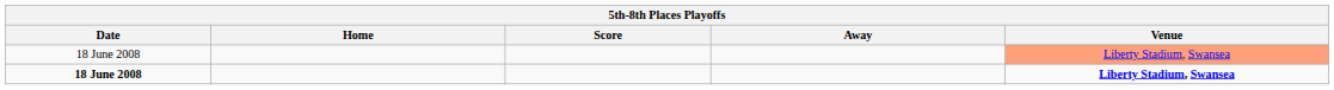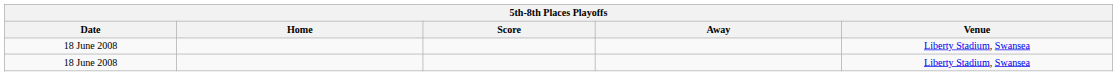 <table class="wikitable" style="font-size:90%; width: 100%; text-align: center;">
 <tr>
 <th colspan=5>5th-8th Places Playoffs</th>
 </tr>
 <tr>
 <th width=7%>Date</th>
 <th width=10%>Home</th>
 <th width=7%>Score</th>
 <th width=10%>Away</th>
 <th width=11%>Venue</th>
 </tr>
 <tr>
 <td>18 June 2008</td>
 <td></td>
 <td></td>
 <td></td>
-<td style="background: lightsalmon;"><a href='#'>Liberty Stadium</a>, <a href='#'>Swansea</a></td>
+<td><a href='#'>Liberty Stadium</a>, <a href='#'>Swansea</a></td>
 </tr>
 <tr>
-<td><strong>18 June 2008</strong></td>
+<td>18 June 2008</td>
 <td></td>
 <td></td>
 <td></td>
-<td><strong><a href='#'>Liberty Stadium</a>, <a href='#'>Swansea</a></strong></td>
+<td><a href='#'>Liberty Stadium</a>, <a href='#'>Swansea</a></td>
 </tr>
 </table>
